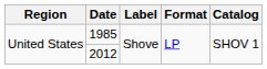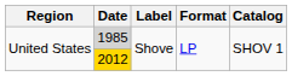 <table class="wikitable">
 <tr>
 <th>Region</th>
 <th>Date</th>
 <th>Label</th>
 <th>Format</th>
 <th>Catalog</th>
 </tr>
 <tr>
 <td rowspan="2">United States</td>
-<td>1985</td>
+<td style="background: lightgrey;">1985</td>
 <td rowspan="2">Shove</td>
 <td rowspan="2"><a href='#'>LP</a></td>
 <td rowspan="2">SHOV 1</td>
 </tr>
 <tr>
-<td>2012</td>
+<td style="background: gold;">2012</td>
 </tr>
 </table>
